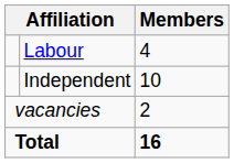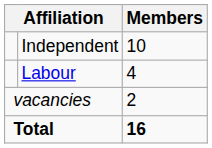 <table class="wikitable">
 <tr>
 <th colspan="2" rowspan="1" valign="top">Affiliation</th>
 <th style="vertical-align:top;">Members</th>
 </tr>
 <tr>
+<td></td>
+<td>Independent</td>
+<td>10</td>
+</tr>
+<tr>
 <td style="background-color:"> </td>
 <td><a href='#'>Labour</a></td>
 <td>4</td>
-</tr>
-<tr>
-<td></td>
-<td>Independent</td>
-<td>10</td>
 </tr>
 <tr>
 <td colspan="2" rowspan="1"> <em>vacancies</em><br></td>
 <td>2</td>
 </tr>
 <tr>
 <td colspan="2" rowspan="1"> <strong>Total</strong><br></td>
 <td><strong>16</strong></td>
 </tr>
 </table>
